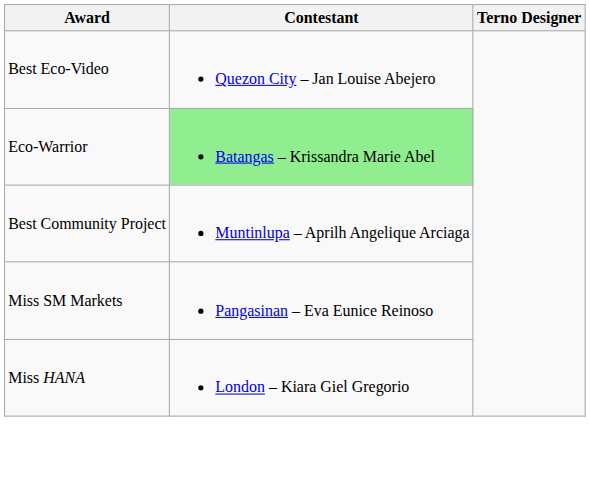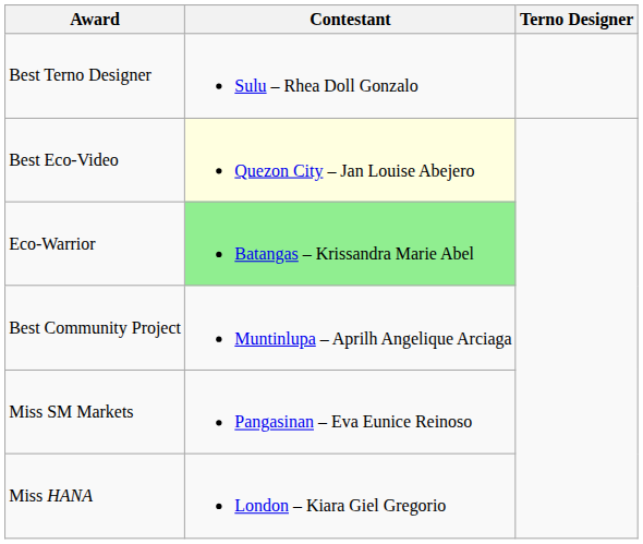 <table class="wikitable sortable" style="font-size: 95%;">
 <tr>
 <th>Award</th>
 <th>Contestant</th>
 <th>Terno Designer</th>
 </tr>
 <tr>
+<td>Best Terno Designer</td>
+<td><br><ul><li><a href='#'>Sulu</a> – Rhea Doll Gonzalo</li></ul></td>
+<td></td>
+</tr>
+<tr>
 <td>Best Eco-Video</td>
-<td><br><ul><li><a href='#'>Quezon City</a> – Jan Louise Abejero</li></ul></td>
+<td style="background: lightyellow;"><br><ul><li><a href='#'>Quezon City</a> – Jan Louise Abejero</li></ul></td>
 </tr>
 <tr>
 <td>Eco-Warrior</td>
 <td style="background: lightgreen;"><br><ul><li><a href='#'>Batangas</a> – Krissandra Marie Abel</li></ul></td>
 </tr>
 <tr>
 <td>Best Community Project</td>
 <td><br><ul><li><a href='#'>Muntinlupa</a> – Aprilh Angelique Arciaga</li></ul></td>
 </tr>
 <tr>
 <td>Miss SM Markets</td>
 <td><br><ul><li><a href='#'>Pangasinan</a> – Eva Eunice Reinoso</li></ul></td>
 </tr>
 <tr>
 <td>Miss <em>HANA</em></td>
 <td><br><ul><li><a href='#'>London</a> – Kiara Giel Gregorio</li></ul></td>
 </tr>
 </table>
